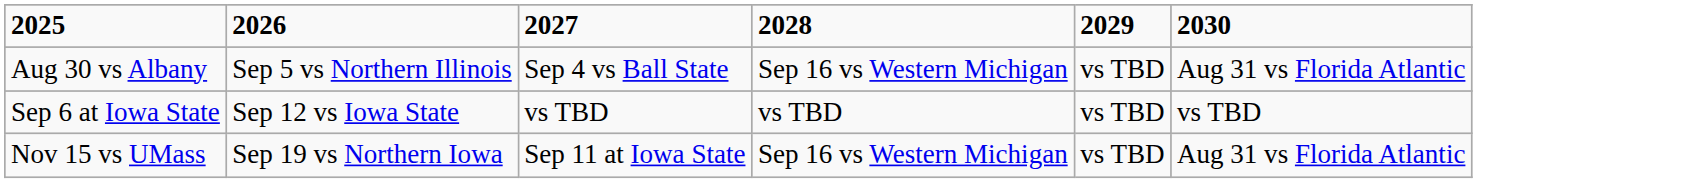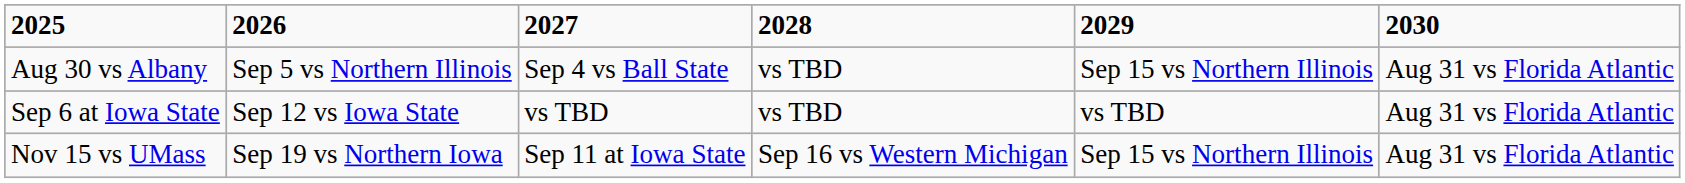 <table class="wikitable">
 <tr>
 <td><strong>2025</strong></td>
 <td><strong>2026</strong></td>
 <td><strong>2027</strong></td>
 <td><strong>2028</strong></td>
 <td><strong>2029</strong></td>
 <td><strong>2030</strong></td>
 </tr>
 <tr>
 <td>Aug 30 vs <a href='#'>Albany</a></td>
 <td>Sep 5 vs <a href='#'>Northern Illinois</a></td>
 <td>Sep 4 vs <a href='#'>Ball State</a></td>
-<td>Sep 16 vs <a href='#'>Western Michigan</a></td>
 <td>vs TBD</td>
+<td>Sep 15 vs <a href='#'>Northern Illinois</a></td>
 <td>Aug 31 vs <a href='#'>Florida Atlantic</a></td>
 </tr>
 <tr>
 <td>Sep 6 at <a href='#'>Iowa State</a></td>
 <td>Sep 12 vs <a href='#'>Iowa State</a></td>
 <td>vs TBD</td>
 <td>vs TBD</td>
 <td>vs TBD</td>
-<td>vs TBD</td>
+<td>Aug 31 vs <a href='#'>Florida Atlantic</a></td>
 </tr>
 <tr>
 <td>Nov 15 vs <a href='#'>UMass</a></td>
 <td>Sep 19 vs <a href='#'>Northern Iowa</a></td>
 <td>Sep 11 at <a href='#'>Iowa State</a></td>
 <td>Sep 16 vs <a href='#'>Western Michigan</a></td>
-<td>vs TBD</td>
+<td>Sep 15 vs <a href='#'>Northern Illinois</a></td>
 <td>Aug 31 vs <a href='#'>Florida Atlantic</a></td>
 </tr>
 </table>
